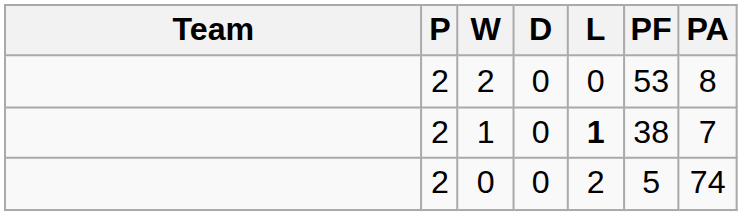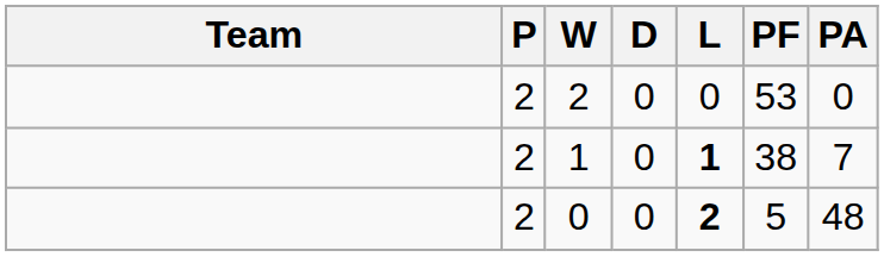 <table class="wikitable">
 <tr>
 <th width="200" bgcolor="#efefef">Team</th>
 <th>P</th>
 <th width="20" bgcolor="#efefef">W</th>
 <th width="20" bgcolor="#efefef">D</th>
 <th width="20" bgcolor="#efefef">L</th>
 <th width="20" bgcolor="#efefef">PF</th>
 <th width="20" bgcolor="#efefef">PA</th>
 </tr>
 <tr align="center">
 <td align="left"></td>
 <td>2</td>
 <td>2</td>
 <td>0</td>
 <td>0</td>
 <td>53</td>
-<td>8</td>
+<td>0</td>
 </tr>
 <tr align="center">
 <td align="left"></td>
 <td>2</td>
 <td>1</td>
 <td>0</td>
 <td><strong>1</strong></td>
 <td>38</td>
 <td>7</td>
 </tr>
 <tr align="center">
 <td align="left"></td>
 <td>2</td>
 <td>0</td>
 <td>0</td>
-<td>2</td>
+<td><strong>2</strong></td>
 <td>5</td>
-<td>74</td>
+<td>48</td>
 </tr>
 </table>
